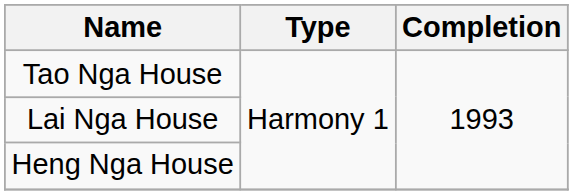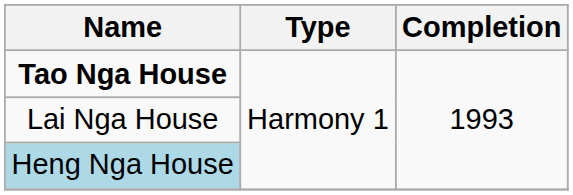 <table class="wikitable" style="text-align: center">
 <tr>
 <th>Name</th>
 <th>Type</th>
 <th>Completion</th>
 </tr>
 <tr>
-<td>Tao Nga House</td>
+<td><strong>Tao Nga House</strong></td>
 <td rowspan="3">Harmony 1</td>
 <td rowspan="3">1993</td>
 </tr>
 <tr>
 <td>Lai Nga House</td>
 </tr>
 <tr>
-<td>Heng Nga House</td>
+<td style="background: lightblue;">Heng Nga House</td>
 </tr>
 <tr>
 </tr>
 </table>
